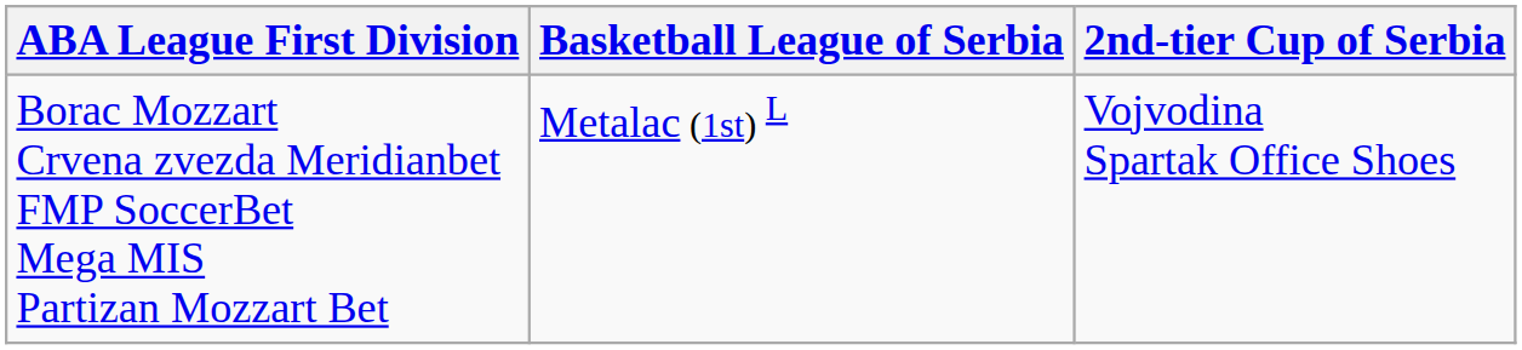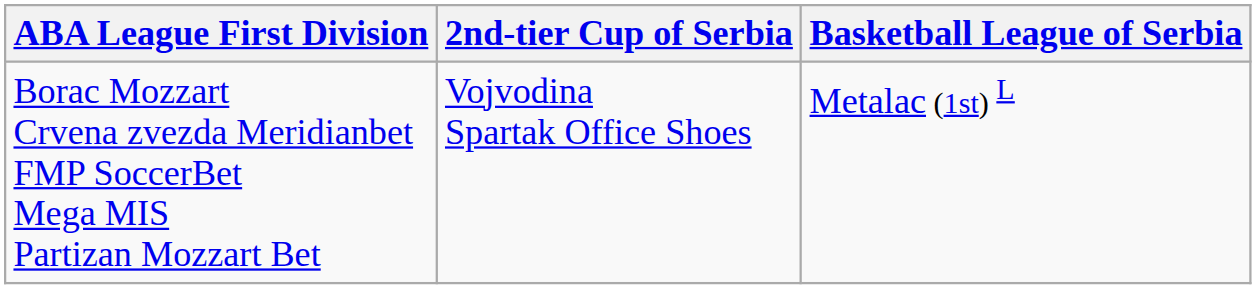 <table class=wikitable>
 <tr>
 <th><a href='#'>ABA League First Division</a></th>
+<th><a href='#'>2nd-tier Cup of Serbia</a></th>
 <th><a href='#'>Basketball League of Serbia</a></th>
-<th><a href='#'>2nd-tier Cup of Serbia</a></th>
 </tr>
 <tr valign=top>
 <td><a href='#'>Borac Mozzart</a><br><a href='#'>Crvena zvezda Meridianbet</a><br><a href='#'>FMP SoccerBet</a><br><a href='#'>Mega MIS</a><br><a href='#'>Partizan Mozzart Bet</a></td>
+<td><a href='#'>Vojvodina</a><br><a href='#'>Spartak Office Shoes</a></td>
 <td><a href='#'>Metalac</a><small> (<a href='#'>1st</a>) </small><sup><a href='#'>L</a></sup></td>
-<td><a href='#'>Vojvodina</a><br><a href='#'>Spartak Office Shoes</a></td>
 </tr>
 </table>
